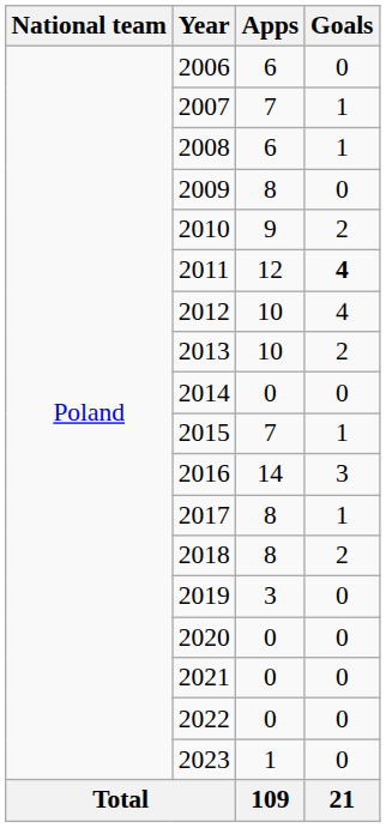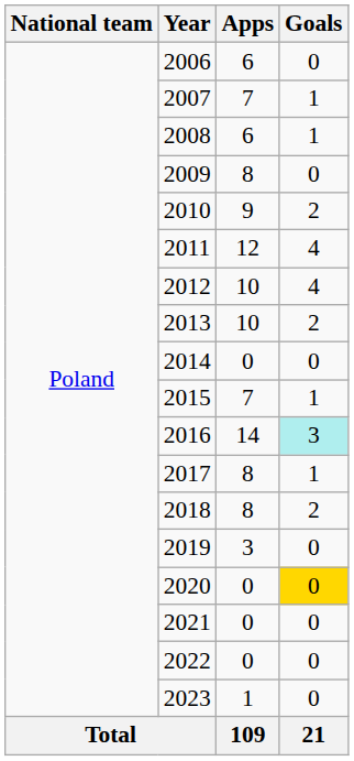 <table class="wikitable" style="text-align:center">
 <tr>
 <th>National team</th>
 <th>Year</th>
 <th>Apps</th>
 <th>Goals</th>
 </tr>
 <tr>
 <td rowspan="18"><a href='#'>Poland</a></td>
 <td>2006</td>
 <td>6</td>
 <td>0</td>
 </tr>
 <tr>
 <td>2007</td>
 <td>7</td>
 <td>1</td>
 </tr>
 <tr>
 <td>2008</td>
 <td>6</td>
 <td>1</td>
 </tr>
 <tr>
 <td>2009</td>
 <td>8</td>
 <td>0</td>
 </tr>
 <tr>
 <td>2010</td>
 <td>9</td>
 <td>2</td>
 </tr>
 <tr>
 <td>2011</td>
 <td>12</td>
-<td><strong>4</strong></td>
+<td>4</td>
 </tr>
 <tr>
 <td>2012</td>
 <td>10</td>
 <td>4</td>
 </tr>
 <tr>
 <td>2013</td>
 <td>10</td>
 <td>2</td>
 </tr>
 <tr>
 <td>2014</td>
 <td>0</td>
 <td>0</td>
 </tr>
 <tr>
 <td>2015</td>
 <td>7</td>
 <td>1</td>
 </tr>
 <tr>
 <td>2016</td>
 <td>14</td>
-<td>3</td>
+<td style="background: paleturquoise;">3</td>
 </tr>
 <tr>
 <td>2017</td>
 <td>8</td>
 <td>1</td>
 </tr>
 <tr>
 <td>2018</td>
 <td>8</td>
 <td>2</td>
 </tr>
 <tr>
 <td>2019</td>
 <td>3</td>
 <td>0</td>
 </tr>
 <tr>
 <td>2020</td>
 <td>0</td>
-<td>0</td>
+<td style="background: gold;">0</td>
 </tr>
 <tr>
 <td>2021</td>
 <td>0</td>
 <td>0</td>
 </tr>
 <tr>
 <td>2022</td>
 <td>0</td>
 <td>0</td>
 </tr>
 <tr>
 <td>2023</td>
 <td>1</td>
 <td>0</td>
 </tr>
 <tr>
 <th colspan="2">Total</th>
 <th>109</th>
 <th>21</th>
 </tr>
 </table>
